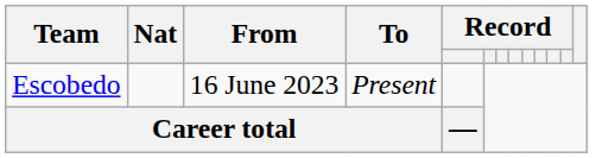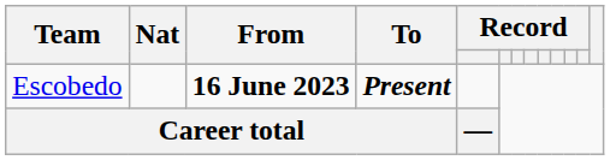 <table class="wikitable" style="text-align: center">
 <tr>
 <th rowspan="2">Team</th>
 <th rowspan="2">Nat</th>
 <th rowspan="2">From</th>
 <th rowspan="2">To</th>
 <th colspan="8">Record</th>
 <th rowspan=2></th>
 </tr>
 <tr>
 <th></th>
 <th></th>
 <th></th>
 <th></th>
 <th></th>
 <th></th>
 <th></th>
 <th></th>
 </tr>
 <tr>
 <td align="left"><a href='#'>Escobedo</a></td>
 <td></td>
-<td align=left>16 June 2023</td>
-<td align=left><em>Present</em><br></td>
+<td align=left><strong>16 June 2023</strong></td>
+<td align=left><strong><em>Present</em><br></strong></td>
 <td></td>
 </tr>
 <tr>
 <th colspan=4>Career total<br></th>
 <th>—</th>
 </tr>
 </table>
